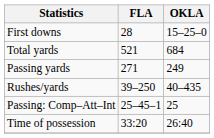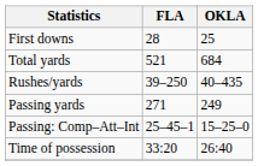 <table class="wikitable" style="float: left;">
 <tr>
 <th>Statistics</th>
 <th>FLA</th>
 <th>OKLA</th>
 </tr>
 <tr>
 <td>First downs</td>
 <td>28</td>
-<td>15–25–0</td>
+<td>25</td>
 </tr>
 <tr>
 <td>Total yards</td>
 <td>521</td>
 <td>684</td>
 </tr>
 <tr>
+<td>Rushes/yards</td>
+<td>39–250</td>
+<td>40–435</td>
+</tr>
+<tr>
 <td>Passing yards</td>
 <td>271</td>
 <td>249</td>
 </tr>
 <tr>
-<td>Rushes/yards</td>
-<td>39–250</td>
-<td>40–435</td>
-</tr>
-<tr>
 <td>Passing: Comp–Att–Int</td>
 <td>25–45–1</td>
-<td>25</td>
+<td>15–25–0</td>
 </tr>
 <tr>
 <td>Time of possession</td>
 <td>33:20</td>
 <td>26:40</td>
 </tr>
 <tr>
 </tr>
 </table>
